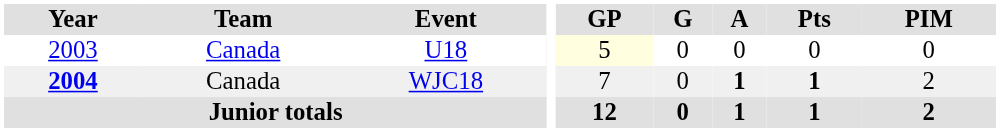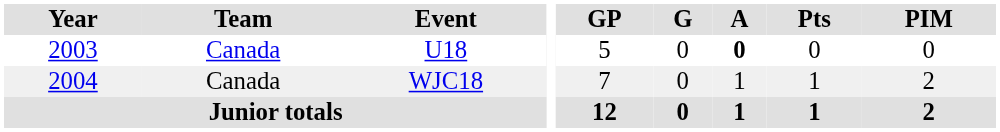 <table border="0" cellpadding="1" cellspacing="0" ID="Table3" style="text-align:center; width:40em">
 <tr ALIGN="center" bgcolor="#e0e0e0">
 <th>Year</th>
 <th>Team</th>
 <th>Event</th>
 <th rowspan="99" bgcolor="#ffffff"></th>
 <th>GP</th>
 <th>G</th>
 <th>A</th>
 <th>Pts</th>
 <th>PIM</th>
 </tr>
 <tr>
 <td><a href='#'>2003</a></td>
 <td><a href='#'>Canada</a></td>
 <td><a href='#'>U18</a></td>
-<td style="background: lightyellow;">5</td>
+<td>5</td>
 <td>0</td>
-<td>0</td>
+<td><strong>0</strong></td>
 <td>0</td>
 <td>0</td>
 </tr>
 <tr bgcolor="#f0f0f0">
-<td><strong><a href='#'>2004</a></strong></td>
+<td><a href='#'>2004</a></td>
 <td>Canada</td>
 <td><a href='#'>WJC18</a></td>
 <td>7</td>
 <td>0</td>
-<td><strong>1</strong></td>
-<td><strong>1</strong></td>
+<td>1</td>
+<td>1</td>
 <td>2</td>
 </tr>
 <tr bgcolor="#e0e0e0">
 <th colspan="3">Junior totals</th>
 <th>12</th>
 <th>0</th>
 <th>1</th>
 <th>1</th>
 <th>2</th>
 </tr>
 </table>
